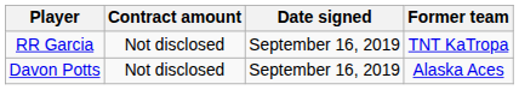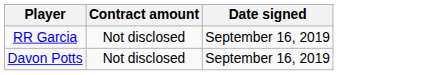 <table class="wikitable sortable sortable" style="text-align: center">
 <tr>
 <th>Player</th>
 <th>Contract amount</th>
 <th>Date signed</th>
-<th>Former team</th>
 </tr>
 <tr>
 <td><a href='#'>RR Garcia</a></td>
 <td>Not disclosed</td>
 <td>September 16, 2019</td>
-<td><a href='#'>TNT KaTropa</a></td>
 </tr>
 <tr>
 <td><a href='#'>Davon Potts</a></td>
 <td>Not disclosed</td>
 <td>September 16, 2019</td>
-<td><a href='#'>Alaska Aces</a></td>
 </tr>
 </table>
